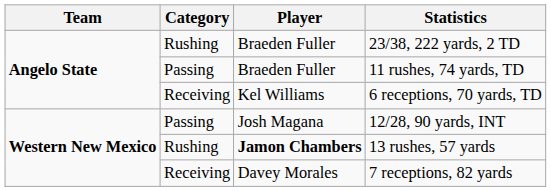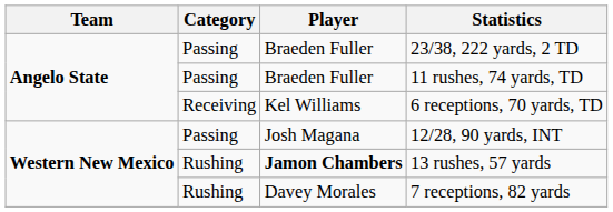 <table class="wikitable" style="float: right;">
 <tr>
 <th>Team</th>
 <th>Category</th>
 <th>Player</th>
 <th>Statistics</th>
 </tr>
 <tr>
 <td rowspan=3><strong>Angelo State</strong></td>
-<td>Rushing</td>
+<td>Passing</td>
 <td>Braeden Fuller</td>
 <td>23/38, 222 yards, 2 TD</td>
 </tr>
 <tr>
 <td>Passing</td>
 <td>Braeden Fuller</td>
 <td>11 rushes, 74 yards, TD</td>
 </tr>
 <tr>
 <td>Receiving</td>
 <td>Kel Williams</td>
 <td>6 receptions, 70 yards, TD</td>
 </tr>
 <tr>
 <td rowspan=3><strong>Western New Mexico</strong></td>
 <td>Passing</td>
 <td>Josh Magana</td>
 <td>12/28, 90 yards, INT</td>
 </tr>
 <tr>
 <td>Rushing</td>
 <td><strong>Jamon Chambers</strong></td>
 <td>13 rushes, 57 yards</td>
 </tr>
 <tr>
-<td>Receiving</td>
+<td>Rushing</td>
 <td>Davey Morales</td>
 <td>7 receptions, 82 yards</td>
 </tr>
 </table>
